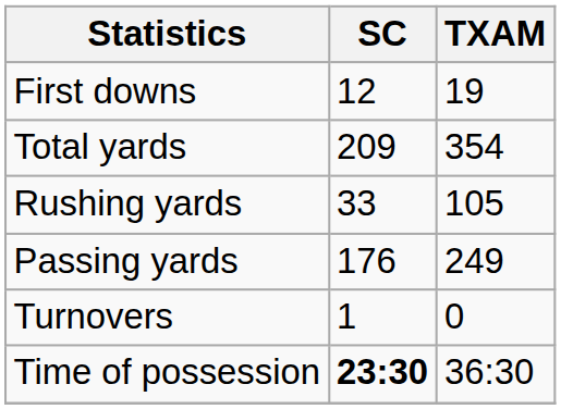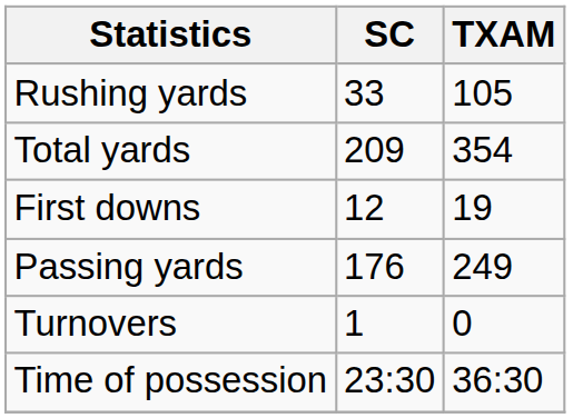 <table class="wikitable" style="float: left;">
 <tr>
 <th>Statistics</th>
 <th>SC</th>
 <th>TXAM</th>
 </tr>
 <tr>
-<td>First downs</td>
-<td>12</td>
-<td>19</td>
+<td>Rushing yards</td>
+<td>33</td>
+<td>105</td>
 </tr>
 <tr>
 <td>Total yards</td>
 <td>209</td>
 <td>354</td>
 </tr>
 <tr>
-<td>Rushing yards</td>
-<td>33</td>
-<td>105</td>
+<td>First downs</td>
+<td>12</td>
+<td>19</td>
 </tr>
 <tr>
 <td>Passing yards</td>
 <td>176</td>
 <td>249</td>
 </tr>
 <tr>
 <td>Turnovers</td>
 <td>1</td>
 <td>0</td>
 </tr>
 <tr>
 <td>Time of possession</td>
-<td><strong>23:30</strong></td>
+<td>23:30</td>
 <td>36:30</td>
 </tr>
 <tr>
 </tr>
 </table>
